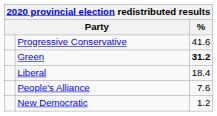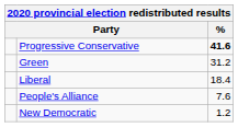 <table class="wikitable">
 <tr>
 <th colspan="4"><a href='#'>2020 provincial election</a> redistributed results</th>
 </tr>
 <tr>
 <th bgcolor="#DDDDFF" width="130px" colspan="2">Party</th>
 <th bgcolor="#DDDDFF" width="30px">%</th>
 </tr>
 <tr>
 <td> </td>
 <td><a href='#'>Progressive Conservative</a></td>
-<td align=right>41.6</td>
+<td align=right><strong>41.6</strong></td>
 </tr>
 <tr>
 <td> </td>
 <td><a href='#'>Green</a></td>
-<td align=right><strong>31.2</strong></td>
+<td align=right>31.2</td>
 </tr>
 <tr>
 <td> </td>
 <td><a href='#'>Liberal</a></td>
 <td align=right>18.4</td>
 </tr>
 <tr>
 <td> </td>
 <td><a href='#'>People's Alliance</a></td>
 <td align=right>7.6</td>
 </tr>
 <tr>
 <td> </td>
 <td><a href='#'>New Democratic</a></td>
 <td align=right>1.2</td>
 </tr>
 </table>
